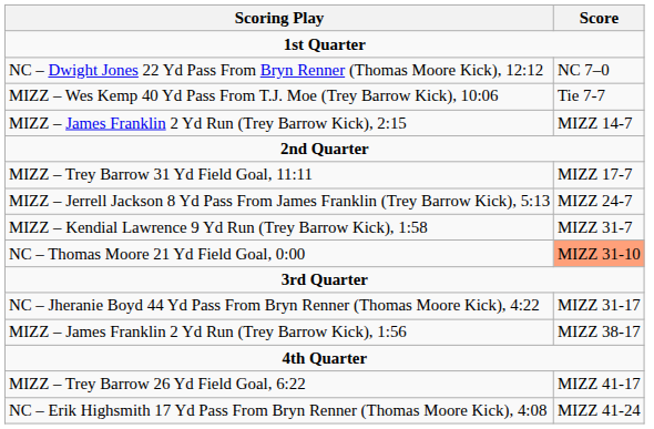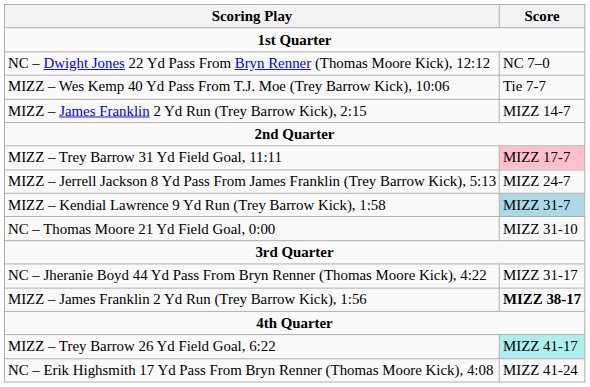 <table class="wikitable">
 <tr>
 <th>Scoring Play</th>
 <th>Score</th>
 </tr>
 <tr>
 <td colspan="4" align="center"><strong>1st Quarter</strong></td>
 </tr>
 <tr>
 <td>NC – <a href='#'>Dwight Jones</a> 22 Yd Pass From <a href='#'>Bryn Renner</a> (Thomas Moore Kick), 12:12</td>
 <td>NC 7–0</td>
 </tr>
 <tr>
 <td>MIZZ – Wes Kemp 40 Yd Pass From T.J. Moe (Trey Barrow Kick), 10:06</td>
 <td>Tie 7-7</td>
 </tr>
 <tr>
 <td>MIZZ – <a href='#'>James Franklin</a> 2 Yd Run (Trey Barrow Kick), 2:15</td>
 <td>MIZZ 14-7</td>
 </tr>
 <tr>
 <td colspan="4" align="center"><strong>2nd Quarter</strong></td>
 </tr>
 <tr>
 <td>MIZZ – Trey Barrow 31 Yd Field Goal, 11:11</td>
-<td>MIZZ 17-7</td>
+<td style="background: pink;">MIZZ 17-7</td>
 </tr>
 <tr>
 <td>MIZZ – Jerrell Jackson 8 Yd Pass From James Franklin (Trey Barrow Kick), 5:13</td>
 <td>MIZZ 24-7</td>
 </tr>
 <tr>
 <td>MIZZ – Kendial Lawrence 9 Yd Run (Trey Barrow Kick), 1:58</td>
-<td>MIZZ 31-7</td>
+<td style="background: lightblue;">MIZZ 31-7</td>
 </tr>
 <tr>
 <td>NC – Thomas Moore 21 Yd Field Goal, 0:00</td>
-<td style="background: lightsalmon;">MIZZ 31-10</td>
+<td>MIZZ 31-10</td>
 </tr>
 <tr>
 <td colspan="4" align="center"><strong>3rd Quarter</strong></td>
 </tr>
 <tr>
 <td>NC – Jheranie Boyd 44 Yd Pass From Bryn Renner (Thomas Moore Kick), 4:22</td>
 <td>MIZZ 31-17</td>
 </tr>
 <tr>
 <td>MIZZ – James Franklin 2 Yd Run (Trey Barrow Kick), 1:56</td>
-<td>MIZZ 38-17</td>
+<td><strong>MIZZ 38-17</strong></td>
 </tr>
 <tr>
 <td colspan="4" align="center"><strong>4th Quarter</strong></td>
 </tr>
 <tr>
 <td>MIZZ – Trey Barrow 26 Yd Field Goal, 6:22</td>
-<td>MIZZ 41-17</td>
+<td style="background: paleturquoise;">MIZZ 41-17</td>
 </tr>
 <tr>
 <td>NC – Erik Highsmith 17 Yd Pass From Bryn Renner (Thomas Moore Kick), 4:08</td>
 <td>MIZZ 41-24</td>
 </tr>
 </table>
